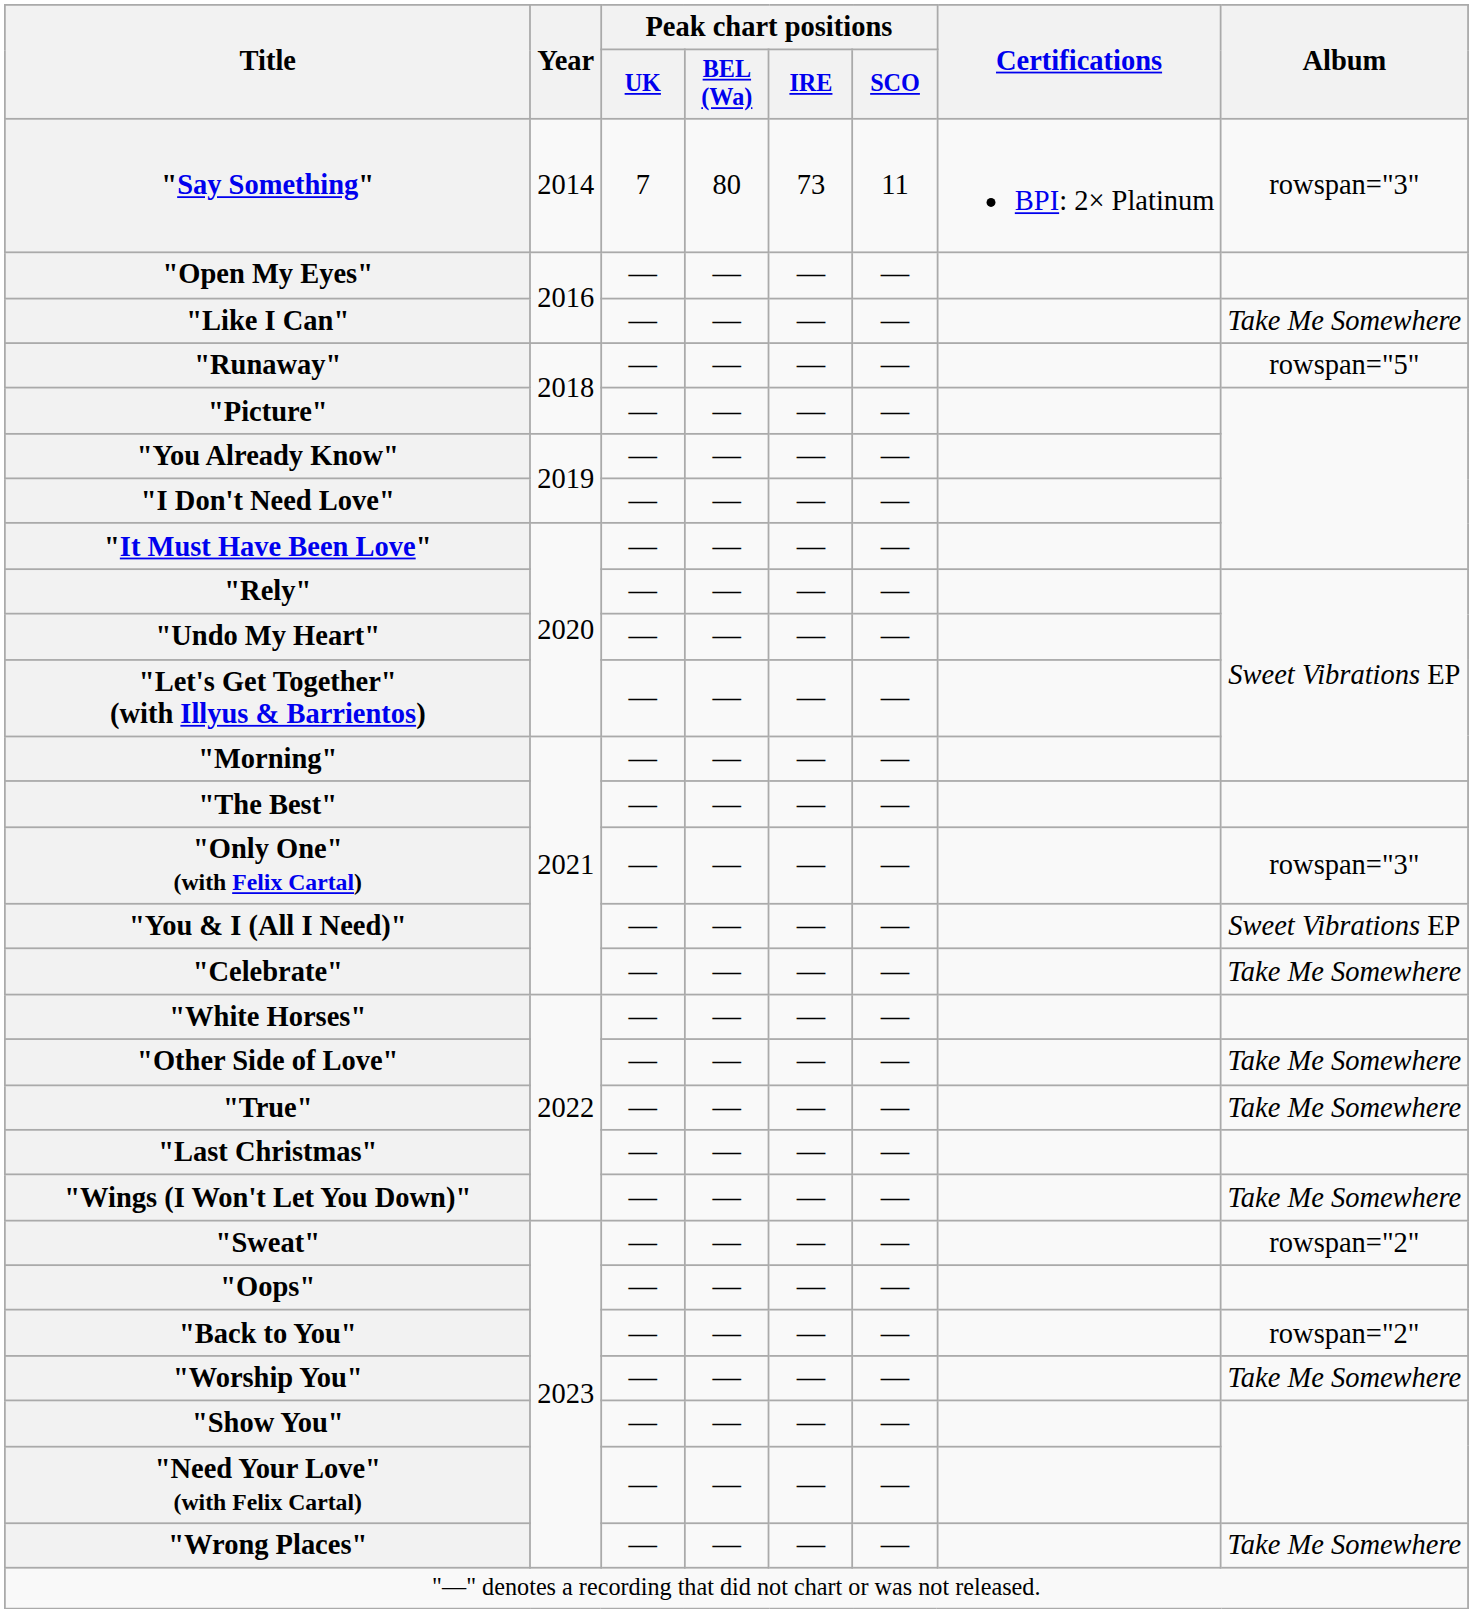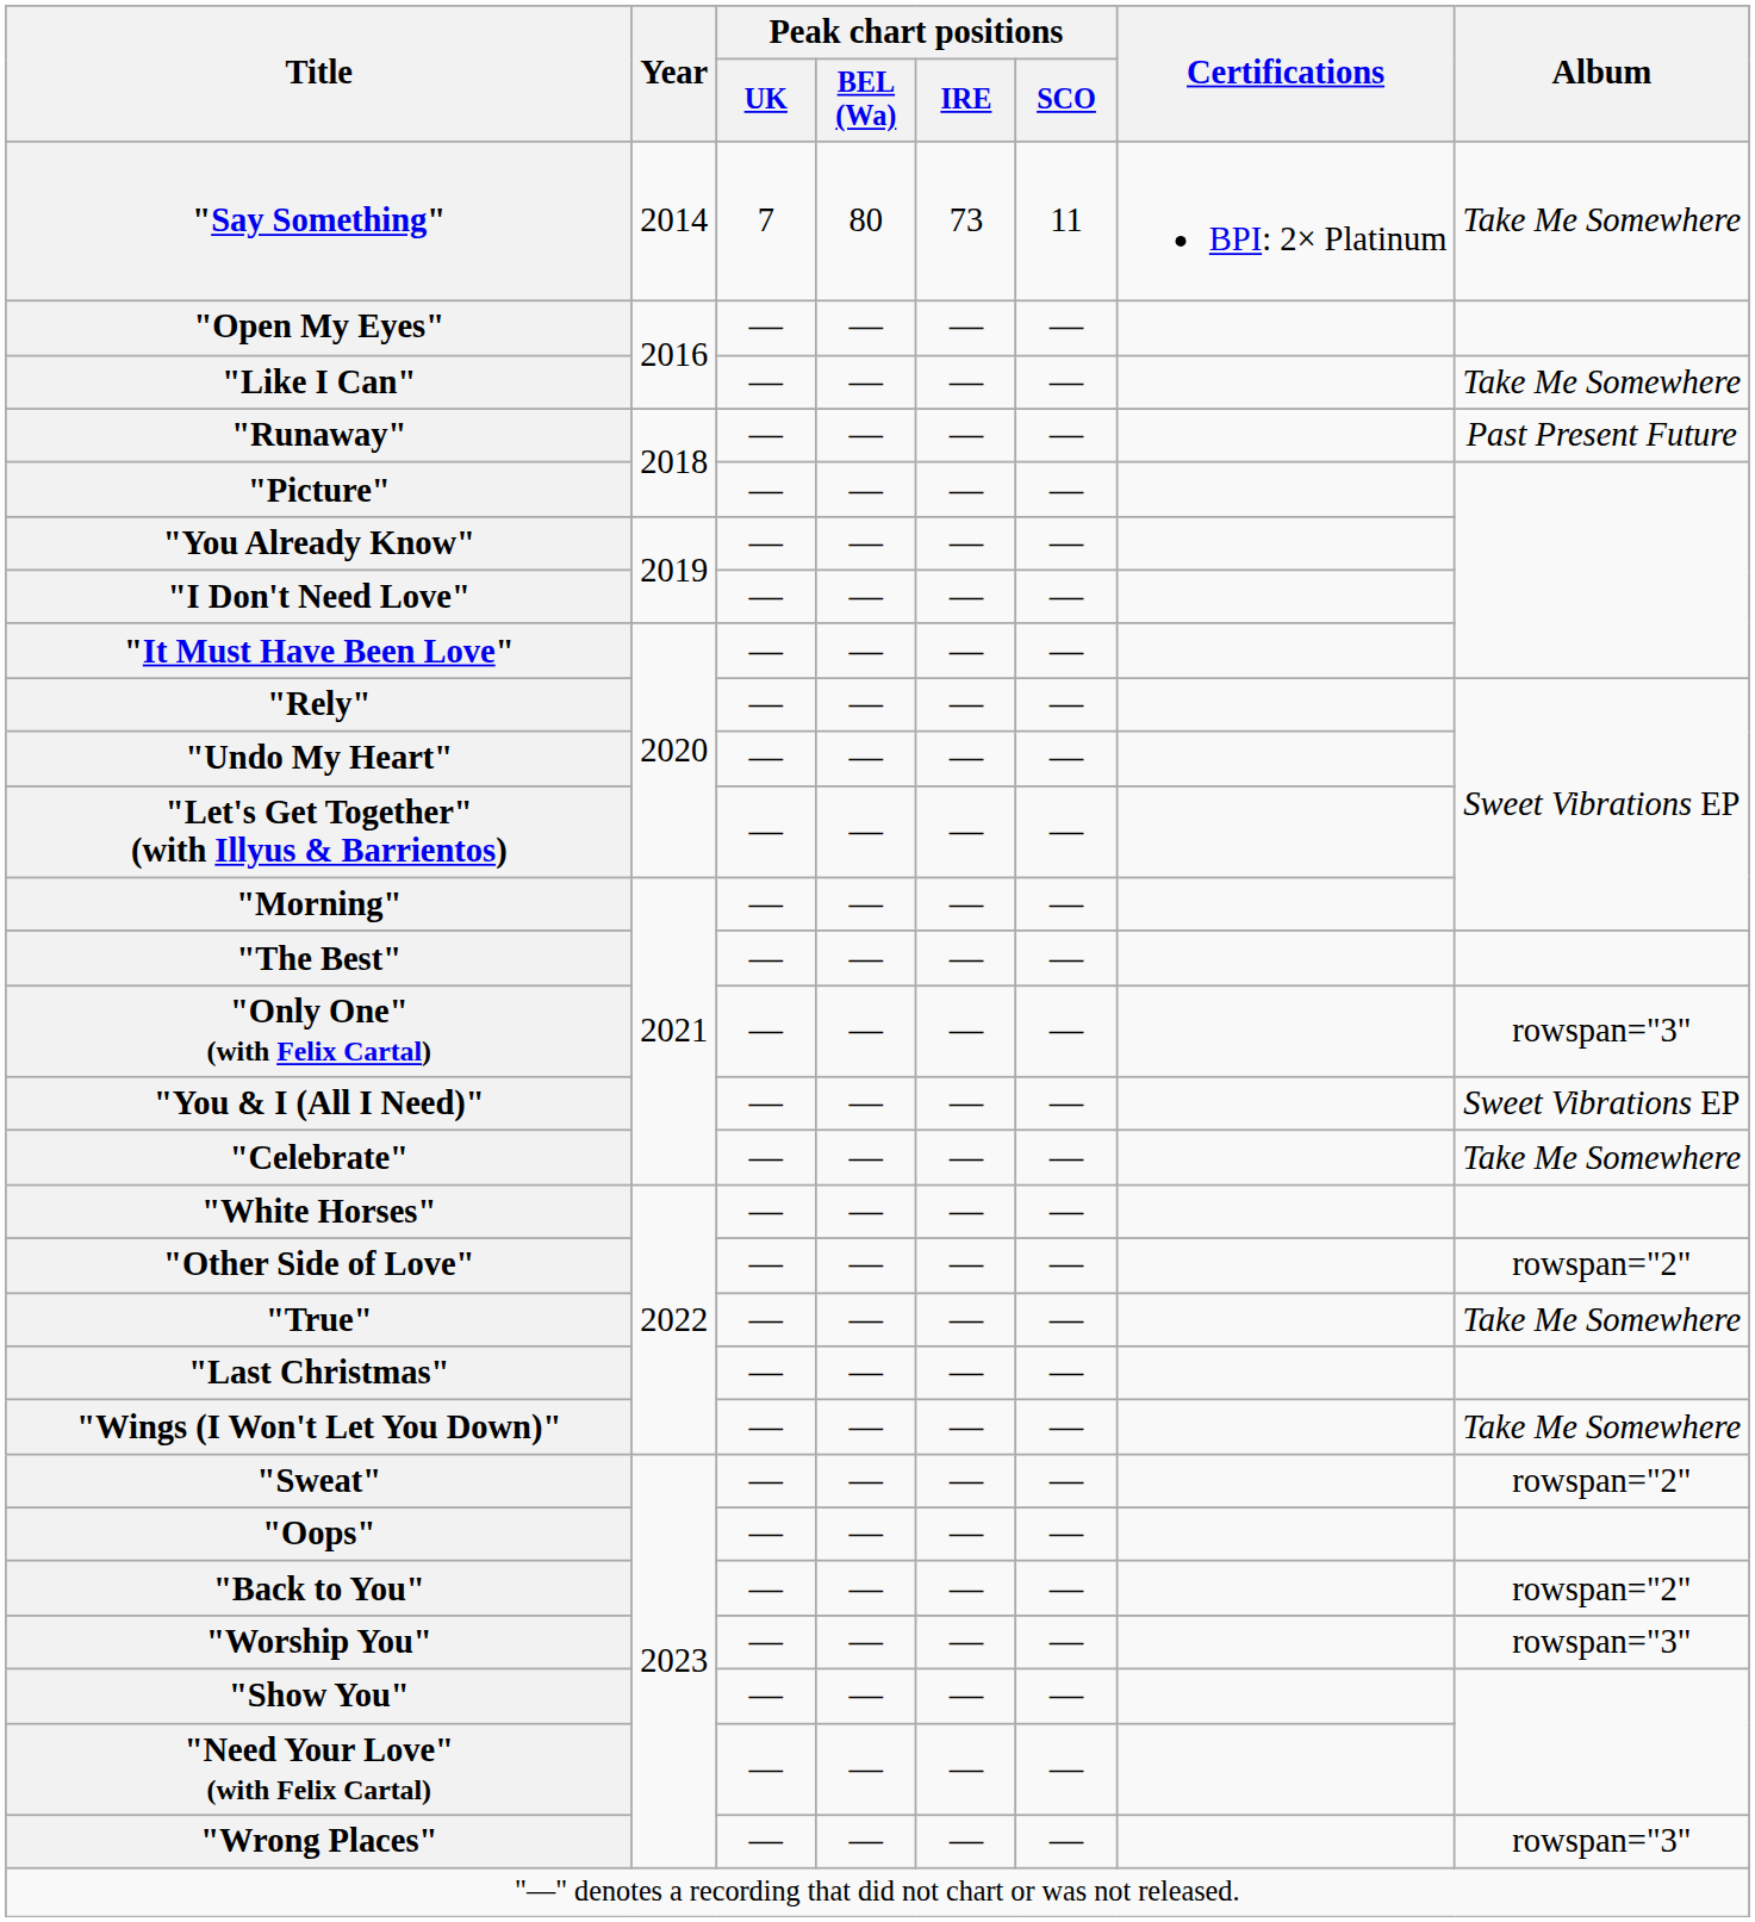 <table class="wikitable plainrowheaders" style="text-align:center;">
 <tr>
 <th scope="col" rowspan="2" style="width:18em">Title</th>
 <th scope="col" rowspan="2" style="width:1em">Year</th>
 <th scope="col" colspan="4">Peak chart positions</th>
 <th scope="col" rowspan="2"><a href='#'>Certifications</a></th>
 <th scope="col" rowspan="2">Album</th>
 </tr>
 <tr>
 <th scope="col" style="width:3em;font-size:85%;"><a href='#'>UK</a><br></th>
 <th scope="col" style="width:3em;font-size:85%;"><a href='#'>BEL<br>(Wa)</a><br></th>
 <th scope="col" style="width:3em;font-size:85%;"><a href='#'>IRE</a><br></th>
 <th scope="col" style="width:3em;font-size:85%;"><a href='#'>SCO</a><br></th>
 </tr>
 <tr>
 <th scope="row">"<a href='#'>Say Something</a>"</th>
 <td>2014</td>
 <td>7</td>
 <td>80</td>
 <td>73</td>
 <td>11</td>
 <td><br><ul><li><a href='#'>BPI</a>: 2× Platinum</li></ul></td>
-<td>rowspan="3" </td>
+<td><em>Take Me Somewhere</em></td>
 </tr>
 <tr>
 <th scope="row">"Open My Eyes"</th>
 <td rowspan="2">2016</td>
 <td>—</td>
 <td>—</td>
 <td>—</td>
 <td>—</td>
 <td></td>
 <td></td>
 </tr>
 <tr>
 <th scope="row">"Like I Can"<br></th>
 <td>—</td>
 <td>—</td>
 <td>—</td>
 <td>—</td>
 <td></td>
 <td><em>Take Me Somewhere</em></td>
 </tr>
 <tr>
 <th scope="row">"Runaway"<br></th>
 <td rowspan="2">2018</td>
 <td>—</td>
 <td>—</td>
 <td>—</td>
 <td>—</td>
 <td></td>
-<td>rowspan="5" </td>
+<td rowspan="1"><em>Past Present Future</em></td>
 </tr>
 <tr>
 <th scope="row">"Picture"</th>
 <td>—</td>
 <td>—</td>
 <td>—</td>
 <td>—</td>
 <td></td>
 </tr>
 <tr>
 <th scope="row">"You Already Know"<br></th>
 <td rowspan="2">2019</td>
 <td>—</td>
 <td>—</td>
 <td>—</td>
 <td>—</td>
 <td></td>
 </tr>
 <tr>
 <th scope="row">"I Don't Need Love"<br></th>
 <td>—</td>
 <td>—</td>
 <td>—</td>
 <td>—</td>
 <td></td>
 </tr>
 <tr>
 <th scope="row">"<a href='#'>It Must Have Been Love</a>"</th>
 <td rowspan="4">2020</td>
 <td>—</td>
 <td>—</td>
 <td>—</td>
 <td>—</td>
 <td></td>
 </tr>
 <tr>
 <th scope="row">"Rely"<br></th>
 <td>—</td>
 <td>—</td>
 <td>—</td>
 <td>—</td>
 <td></td>
 <td rowspan="4"><em>Sweet Vibrations</em> EP</td>
 </tr>
 <tr>
 <th scope="row">"Undo My Heart"<br></th>
 <td>—</td>
 <td>—</td>
 <td>—</td>
 <td>—</td>
 <td></td>
 </tr>
 <tr>
 <th scope="row">"Let's Get Together" <br><span>(with <a href='#'>Illyus & Barrientos</a>)</span></th>
 <td>—</td>
 <td>—</td>
 <td>—</td>
 <td>—</td>
 <td></td>
 </tr>
 <tr>
 <th scope="row">"Morning"<br></th>
 <td rowspan="5">2021</td>
 <td>—</td>
 <td>—</td>
 <td>—</td>
 <td>—</td>
 <td></td>
 </tr>
 <tr>
 <th scope="row">"The Best"<br></th>
 <td>—</td>
 <td>—</td>
 <td>—</td>
 <td>—</td>
 <td></td>
 <td></td>
 </tr>
 <tr>
 <th scope="row">"Only One"<br><small>(with <a href='#'>Felix Cartal</a>)</small></th>
 <td>—</td>
 <td>—</td>
 <td>—</td>
 <td>—</td>
 <td></td>
 <td>rowspan="3" </td>
 </tr>
 <tr>
 <th scope="row">"You & I (All I Need)"</th>
 <td>—</td>
 <td>—</td>
 <td>—</td>
 <td>—</td>
 <td></td>
 <td><em>Sweet Vibrations</em> EP</td>
 </tr>
 <tr>
 <th scope="row">"Celebrate"<br></th>
 <td>—</td>
 <td>—</td>
 <td>—</td>
 <td>—</td>
 <td></td>
 <td><em>Take Me Somewhere</em></td>
 </tr>
 <tr>
 <th scope="row">"White Horses"<br></th>
 <td rowspan="5">2022</td>
 <td>—</td>
 <td>—</td>
 <td>—</td>
 <td>—</td>
 <td></td>
 </tr>
 <tr>
 <th scope="row">"Other Side of Love"</th>
 <td>—</td>
 <td>—</td>
 <td>—</td>
 <td>—</td>
 <td></td>
-<td><em>Take Me Somewhere</em></td>
+<td>rowspan="2" </td>
 </tr>
 <tr>
 <th scope="row">"True"<br></th>
 <td>—</td>
 <td>—</td>
 <td>—</td>
 <td>—</td>
 <td></td>
 <td><em>Take Me Somewhere</em></td>
 </tr>
 <tr>
 <th scope="row">"Last Christmas"<br></th>
 <td>—</td>
 <td>—</td>
 <td>—</td>
 <td>—</td>
 <td></td>
 </tr>
 <tr>
 <th scope="row">"Wings (I Won't Let You Down)"<br></th>
 <td>—</td>
 <td>—</td>
 <td>—</td>
 <td>—</td>
 <td></td>
 <td><em>Take Me Somewhere</em></td>
 </tr>
 <tr>
 <th scope="row">"Sweat"<br></th>
 <td rowspan="7">2023</td>
 <td>—</td>
 <td>—</td>
 <td>—</td>
 <td>—</td>
 <td></td>
 <td>rowspan="2" </td>
 </tr>
 <tr>
 <th scope="row">"Oops"<br></th>
 <td>—</td>
 <td>—</td>
 <td>—</td>
 <td>—</td>
 <td></td>
 </tr>
 <tr>
 <th scope="row">"Back to You"</th>
 <td>—</td>
 <td>—</td>
 <td>—</td>
 <td>—</td>
 <td></td>
 <td>rowspan="2" </td>
 </tr>
 <tr>
 <th scope="row">"Worship You"<br></th>
 <td>—</td>
 <td>—</td>
 <td>—</td>
 <td>—</td>
 <td></td>
-<td><em>Take Me Somewhere</em></td>
+<td>rowspan="3" </td>
 </tr>
 <tr>
 <th scope="row">"Show You"<br></th>
 <td>—</td>
 <td>—</td>
 <td>—</td>
 <td>—</td>
 <td></td>
 </tr>
 <tr>
 <th scope="row">"Need Your Love"<br><small>(with Felix Cartal)</small></th>
 <td>—</td>
 <td>—</td>
 <td>—</td>
 <td>—</td>
 <td></td>
 </tr>
 <tr>
 <th scope="row">"Wrong Places"</th>
 <td>—</td>
 <td>—</td>
 <td>—</td>
 <td>—</td>
 <td></td>
-<td><em>Take Me Somewhere</em></td>
+<td>rowspan="3" </td>
 </tr>
 <tr>
 <td colspan="20" style="font-size:85%">"—" denotes a recording that did not chart or was not released.</td>
 </tr>
 </table>
